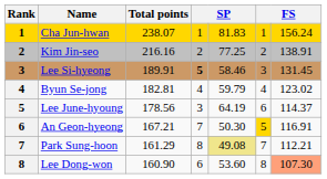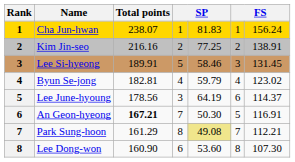 <table class="wikitable sortable">
 <tr>
 <th>Rank</th>
 <th>Name</th>
 <th>Total points</th>
 <th colspan="2" width="80px"><a href='#'>SP</a></th>
 <th colspan="2" width="80px"><a href='#'>FS</a></th>
 </tr>
 <tr bgcolor="gold">
 <td align="center"><strong>1</strong></td>
 <td><a href='#'>Cha Jun-hwan</a></td>
 <td align="center">238.07</td>
 <td align="center">1</td>
 <td align="center">81.83</td>
 <td align="center">1</td>
 <td align="center">156.24</td>
 </tr>
 <tr bgcolor="silver">
 <td align="center"><strong>2</strong></td>
 <td><a href='#'>Kim Jin-seo</a></td>
 <td align="center">216.16</td>
 <td align="center">2</td>
 <td align="center">77.25</td>
 <td align="center">2</td>
 <td align="center">138.91</td>
 </tr>
 <tr bgcolor="cc9966">
 <td align="center"><strong>3</strong></td>
 <td><a href='#'>Lee Si-hyeong</a></td>
 <td align="center">189.91</td>
-<td align="center"><strong>5</strong></td>
+<td align="center">5</td>
 <td align="center">58.46</td>
 <td align="center">3</td>
 <td align="center">131.45</td>
 </tr>
 <tr>
 <th>4</th>
 <td><a href='#'>Byun Se-jong</a></td>
 <td align="center">182.81</td>
 <td align="center">4</td>
 <td align="center">59.79</td>
 <td align="center">4</td>
 <td align="center">123.02</td>
 </tr>
 <tr>
 <th>5</th>
 <td><a href='#'>Lee June-hyoung</a></td>
 <td align="center">178.56</td>
 <td align="center">3</td>
 <td align="center">64.19</td>
 <td align="center">6</td>
 <td align="center">114.37</td>
 </tr>
 <tr>
 <th>6</th>
 <td><a href='#'>An Geon-hyeong</a></td>
-<td align="center">167.21</td>
+<td align="center"><strong>167.21</strong></td>
 <td align="center">7</td>
 <td align="center">50.30</td>
-<td align="center" style="background: gold;">5</td>
+<td align="center">5</td>
 <td align="center">116.91</td>
 </tr>
 <tr>
 <th>7</th>
 <td><a href='#'>Park Sung-hoon</a></td>
 <td align="center">161.29</td>
 <td align="center">8</td>
 <td align="center" style="background: khaki;">49.08</td>
 <td align="center">7</td>
 <td align="center">112.21</td>
 </tr>
 <tr>
 <th>8</th>
 <td><a href='#'>Lee Dong-won</a></td>
 <td align="center">160.90</td>
 <td align="center">6</td>
 <td align="center">53.60</td>
 <td align="center">8</td>
-<td align="center" style="background: lightsalmon;">107.30</td>
+<td align="center">107.30</td>
 </tr>
 </table>
